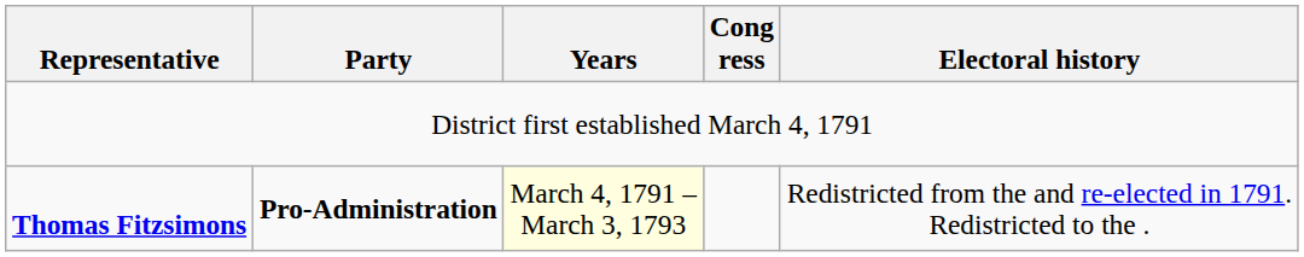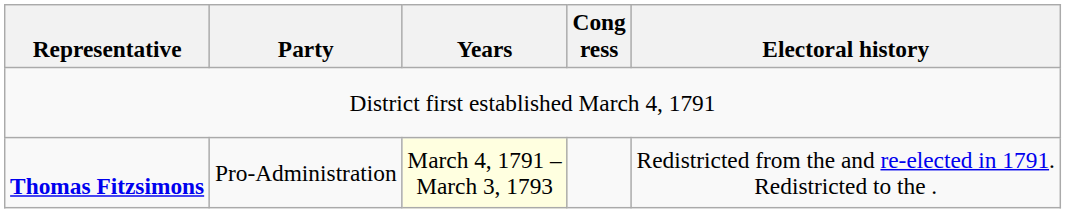 <table class=wikitable style="text-align:center">
 <tr valign=bottom>
 <th>Representative</th>
 <th>Party</th>
 <th>Years</th>
 <th>Cong<br>ress</th>
 <th>Electoral history</th>
 </tr>
 <tr style="height:3em">
 <td colspan=6>District first established March 4, 1791</td>
 </tr>
 <tr style="height:3em">
 <td align=left><br><strong><a href='#'>Thomas Fitzsimons</a></strong><br></td>
-<td><strong>Pro-Administration</strong></td>
+<td>Pro-Administration</td>
 <td nowrap style="background: lightyellow;">March 4, 1791 –<br>March 3, 1793</td>
 <td></td>
 <td>Redistricted from the  and <a href='#'>re-elected in 1791</a>.<br>Redistricted to the .</td>
 </tr>
 </table>
